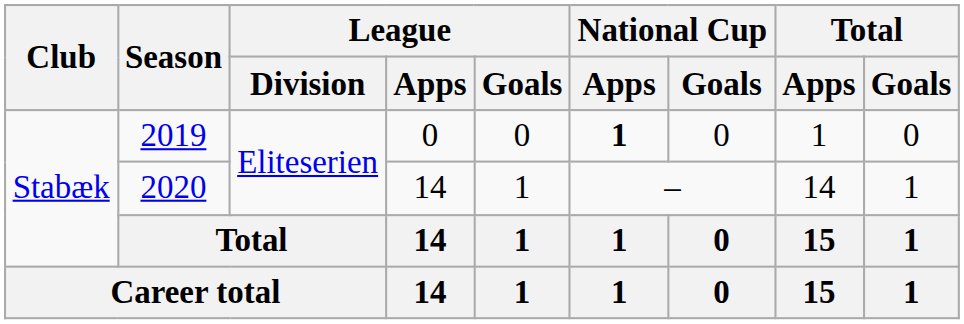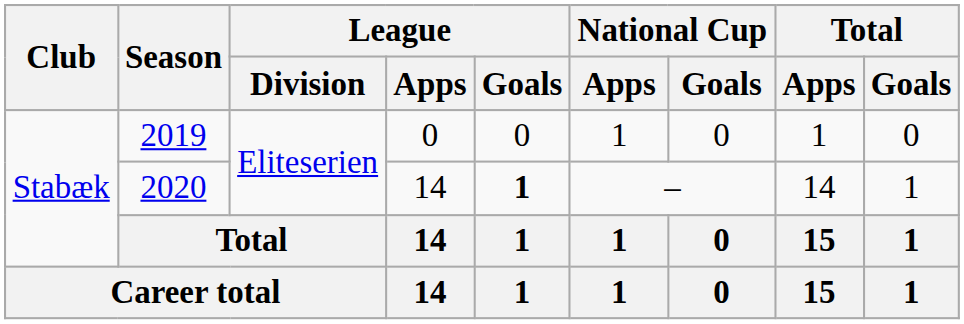 <table class="wikitable" style="text-align: center;">
 <tr>
 <th rowspan="2">Club</th>
 <th rowspan="2">Season</th>
 <th colspan="3">League</th>
 <th colspan="2">National Cup</th>
 <th colspan="2">Total</th>
 </tr>
 <tr>
 <th>Division</th>
 <th>Apps</th>
 <th>Goals</th>
 <th>Apps</th>
 <th>Goals</th>
 <th>Apps</th>
 <th>Goals</th>
 </tr>
 <tr>
 <td rowspan="3"><a href='#'>Stabæk</a></td>
 <td><a href='#'>2019</a></td>
 <td rowspan="2"><a href='#'>Eliteserien</a></td>
 <td>0</td>
 <td>0</td>
-<td><strong>1</strong></td>
+<td>1</td>
 <td>0</td>
 <td>1</td>
 <td>0</td>
 </tr>
 <tr>
 <td><a href='#'>2020</a></td>
 <td>14</td>
-<td>1</td>
+<td><strong>1</strong></td>
 <td colspan="2">–</td>
 <td>14</td>
 <td>1</td>
 </tr>
 <tr>
 <th colspan="2">Total</th>
 <th>14</th>
 <th>1</th>
 <th>1</th>
 <th>0</th>
 <th>15</th>
 <th>1</th>
 </tr>
 <tr>
 <th colspan="3">Career total</th>
 <th>14</th>
 <th>1</th>
 <th>1</th>
 <th>0</th>
 <th>15</th>
 <th>1</th>
 </tr>
 </table>
